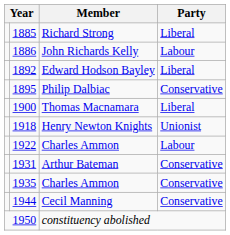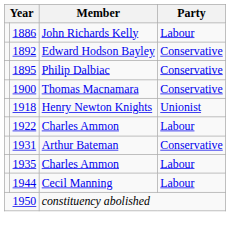 <table class="wikitable">
 <tr>
 <th colspan="2">Year</th>
 <th>Member</th>
 <th>Party</th>
-</tr>
-<tr>
-<td style="color:inherit;background-color: "></td>
-<td><a href='#'>1885</a></td>
-<td><a href='#'>Richard Strong</a></td>
-<td><a href='#'>Liberal</a></td>
 </tr>
 <tr>
 <td style="color:inherit;background-color: "></td>
 <td><a href='#'>1886</a></td>
 <td><a href='#'>John Richards Kelly</a></td>
 <td><a href='#'>Labour</a></td>
 </tr>
 <tr>
 <td style="color:inherit;background-color: "></td>
 <td><a href='#'>1892</a></td>
 <td><a href='#'>Edward Hodson Bayley</a></td>
-<td><a href='#'>Liberal</a></td>
+<td><a href='#'>Conservative</a></td>
 </tr>
 <tr>
 <td style="color:inherit;background-color: "></td>
 <td><a href='#'>1895</a></td>
 <td><a href='#'>Philip Dalbiac</a></td>
 <td><a href='#'>Conservative</a></td>
 </tr>
 <tr>
 <td style="color:inherit;background-color: "></td>
 <td><a href='#'>1900</a></td>
 <td><a href='#'>Thomas Macnamara</a></td>
-<td><a href='#'>Liberal</a></td>
+<td><a href='#'>Conservative</a></td>
 </tr>
 <tr>
 <td style="color:inherit;background-color: "></td>
 <td><a href='#'>1918</a></td>
 <td><a href='#'>Henry Newton Knights</a></td>
 <td><a href='#'>Unionist</a></td>
 </tr>
 <tr>
 <td style="color:inherit;background-color: "></td>
 <td><a href='#'>1922</a></td>
 <td><a href='#'>Charles Ammon</a></td>
 <td><a href='#'>Labour</a></td>
 </tr>
 <tr>
 <td style="color:inherit;background-color: "></td>
 <td><a href='#'>1931</a></td>
 <td><a href='#'>Arthur Bateman</a></td>
 <td><a href='#'>Conservative</a></td>
 </tr>
 <tr>
 <td style="color:inherit;background-color: "></td>
 <td><a href='#'>1935</a></td>
 <td><a href='#'>Charles Ammon</a></td>
-<td><a href='#'>Conservative</a></td>
+<td><a href='#'>Labour</a></td>
 </tr>
 <tr>
 <td style="color:inherit;background-color: "></td>
 <td><a href='#'>1944</a></td>
 <td><a href='#'>Cecil Manning</a></td>
-<td><a href='#'>Conservative</a></td>
+<td><a href='#'>Labour</a></td>
 </tr>
 <tr>
 <td colspan="2" align="right"><a href='#'>1950</a></td>
 <td colspan="2"><em>constituency abolished</em></td>
 </tr>
 </table>
